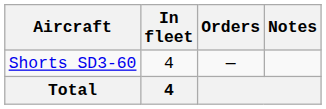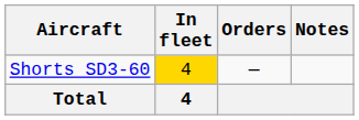 <table class="wikitable" style="text-align:center; margin:0.5em auto">
 <tr>
 <th>Aircraft</th>
 <th>In <br> fleet</th>
 <th>Orders</th>
 <th>Notes</th>
 </tr>
 <tr>
 <td><a href='#'>Shorts SD3-60</a></td>
-<td>4</td>
+<td style="background: gold;">4</td>
 <td>—</td>
 <td></td>
 </tr>
 <tr>
 <th>Total</th>
 <th>4 </th>
 <th colspan="2"></th>
 </tr>
 </table>
